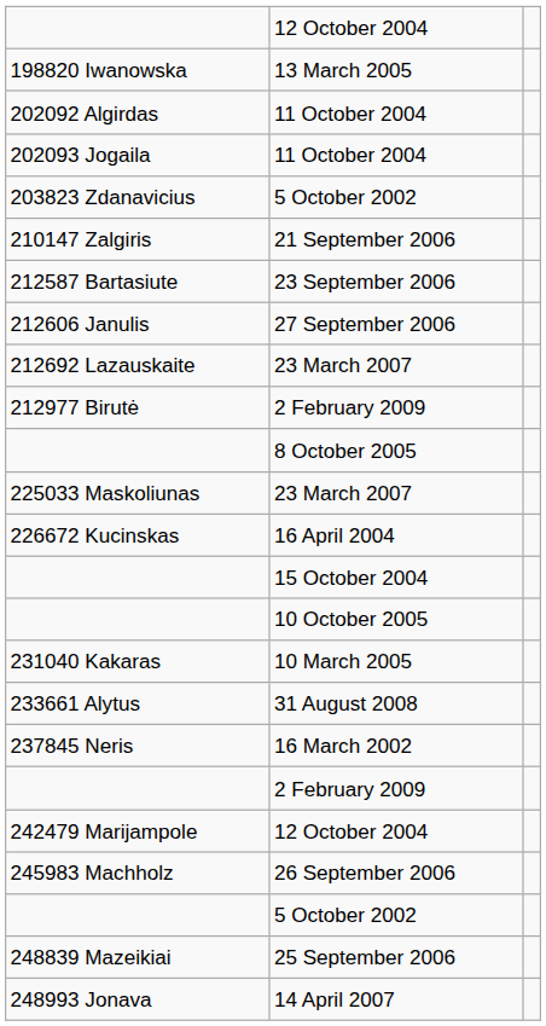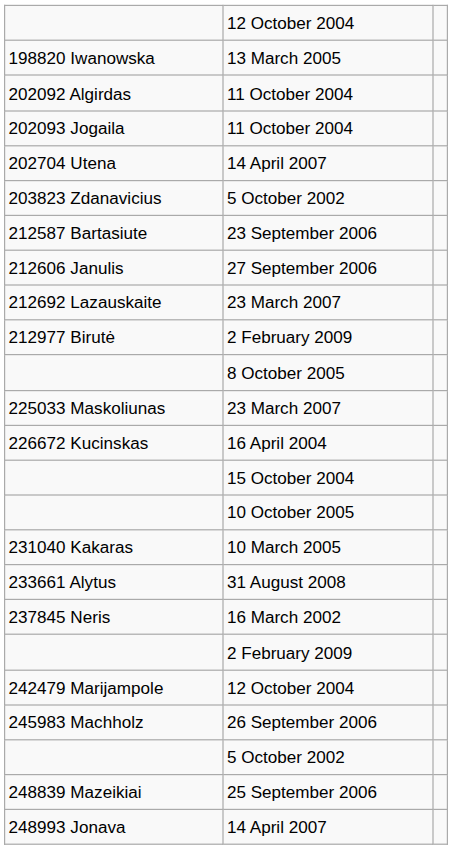 <table class="wikitable" style="font-size: 89%; float: left; width: 26em; margin-right: 1em; height: 700px;">
 <tr>
 <td></td>
 <td>12 October 2004</td>
 <td> </td>
 </tr>
 <tr>
 <td>198820 Iwanowska</td>
 <td>13 March 2005</td>
 <td> </td>
 </tr>
 <tr>
 <td>202092 Algirdas</td>
 <td>11 October 2004</td>
 <td></td>
 </tr>
 <tr>
 <td>202093 Jogaila</td>
 <td>11 October 2004</td>
 <td> </td>
 </tr>
 <tr>
+<td>202704 Utena</td>
+<td>14 April 2007</td>
+<td> </td>
+</tr>
+<tr>
 <td>203823 Zdanavicius</td>
 <td>5 October 2002</td>
 <td></td>
-</tr>
-<tr>
-<td>210147 Zalgiris</td>
-<td>21 September 2006</td>
-<td> </td>
 </tr>
 <tr>
 <td>212587 Bartasiute</td>
 <td>23 September 2006</td>
 <td> </td>
 </tr>
 <tr>
 <td>212606 Janulis</td>
 <td>27 September 2006</td>
 <td> </td>
 </tr>
 <tr>
 <td>212692 Lazauskaite</td>
 <td>23 March 2007</td>
 <td> </td>
 </tr>
 <tr>
 <td>212977 Birutė</td>
 <td>2 February 2009</td>
 <td></td>
 </tr>
 <tr>
 <td></td>
 <td>8 October 2005</td>
 <td> </td>
 </tr>
 <tr>
 <td>225033 Maskoliunas</td>
 <td>23 March 2007</td>
 <td> </td>
 </tr>
 <tr>
 <td>226672 Kucinskas</td>
 <td>16 April 2004</td>
 <td> </td>
 </tr>
 <tr>
 <td></td>
 <td>15 October 2004</td>
 <td></td>
 </tr>
 <tr>
 <td></td>
 <td>10 October 2005</td>
 <td> </td>
 </tr>
 <tr>
 <td>231040 Kakaras</td>
 <td>10 March 2005</td>
 <td> </td>
 </tr>
 <tr>
 <td>233661 Alytus</td>
 <td>31 August 2008</td>
 <td> </td>
 </tr>
 <tr>
 <td>237845 Neris</td>
 <td>16 March 2002</td>
 <td> </td>
 </tr>
 <tr>
 <td></td>
 <td>2 February 2009</td>
 <td> </td>
 </tr>
 <tr>
 <td>242479 Marijampole</td>
 <td>12 October 2004</td>
 <td> </td>
 </tr>
 <tr>
 <td>245983 Machholz</td>
 <td>26 September 2006</td>
 <td></td>
 </tr>
 <tr>
 <td></td>
 <td>5 October 2002</td>
 <td></td>
 </tr>
 <tr>
 <td>248839 Mazeikiai</td>
 <td>25 September 2006</td>
 <td></td>
 </tr>
 <tr>
 <td>248993 Jonava</td>
 <td>14 April 2007</td>
 <td> </td>
 </tr>
 </table>
